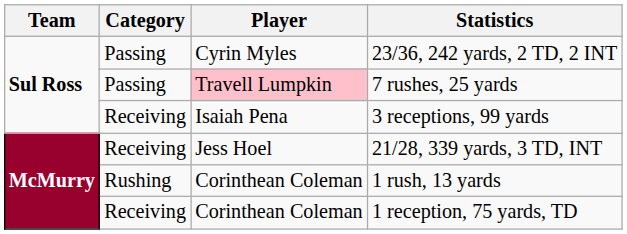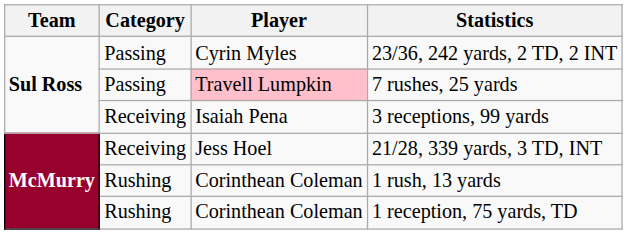 <table class="wikitable" style="float: right;">
 <tr>
 <th>Team</th>
 <th>Category</th>
 <th>Player</th>
 <th>Statistics</th>
 </tr>
 <tr>
 <td rowspan=3><strong>Sul Ross</strong></td>
 <td>Passing</td>
 <td>Cyrin Myles</td>
 <td>23/36, 242 yards, 2 TD, 2 INT</td>
 </tr>
 <tr>
 <td>Passing</td>
 <td style="background: pink;">Travell Lumpkin</td>
 <td>7 rushes, 25 yards</td>
 </tr>
 <tr>
 <td>Receiving</td>
 <td>Isaiah Pena</td>
 <td>3 receptions, 99 yards</td>
 </tr>
 <tr>
 <td rowspan=3 style="background:#98002E; color:white; border:1px solid black"><strong>McMurry</strong></td>
 <td>Receiving</td>
 <td>Jess Hoel</td>
 <td>21/28, 339 yards, 3 TD, INT</td>
 </tr>
 <tr>
 <td>Rushing</td>
 <td>Corinthean Coleman</td>
 <td>1 rush, 13 yards</td>
 </tr>
 <tr>
-<td>Receiving</td>
+<td>Rushing</td>
 <td>Corinthean Coleman</td>
 <td>1 reception, 75 yards, TD</td>
 </tr>
 </table>
